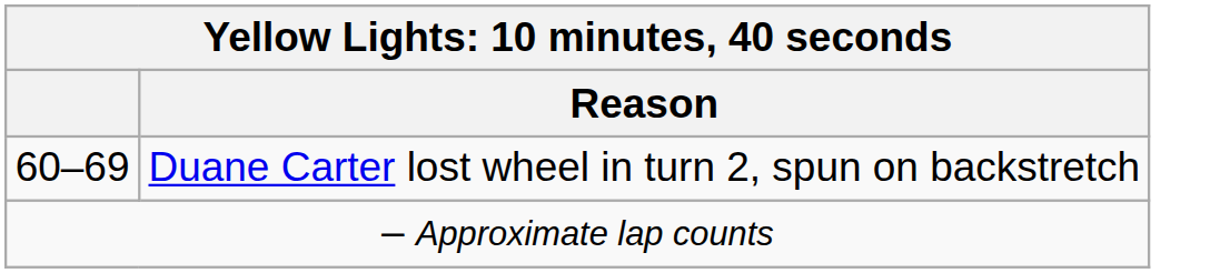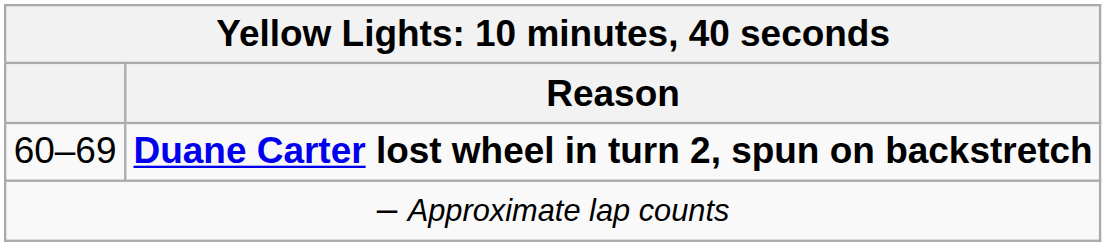 <table class="wikitable">
 <tr>
 <th colspan=2>Yellow Lights: 10 minutes, 40 seconds</th>
 </tr>
 <tr>
 <th></th>
 <th>Reason</th>
 </tr>
 <tr>
 <td>60–69</td>
-<td><a href='#'>Duane Carter</a> lost wheel in turn 2, spun on backstretch</td>
+<td><strong><a href='#'>Duane Carter</a> lost wheel in turn 2, spun on backstretch</strong></td>
 </tr>
 <tr>
 <td colspan=2 align=center> – <em><small>Approximate lap counts</small></em></td>
 </tr>
 </table>
